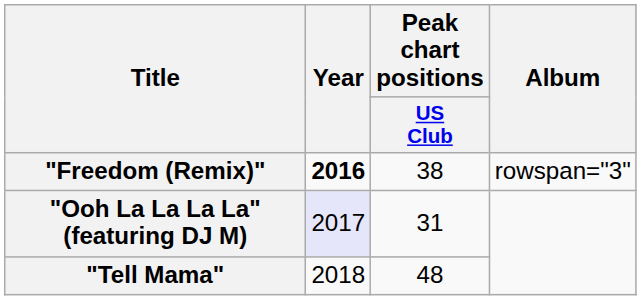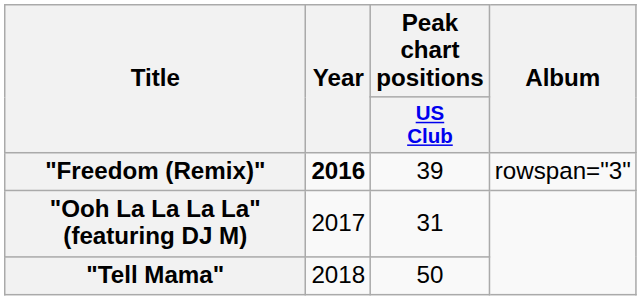 <table class="wikitable plainrowheaders" style="text-align:center;">
 <tr>
 <th scope="col" rowspan="2" style="width:12em;">Title</th>
 <th scope="col" rowspan="2" style="width:1em;">Year</th>
 <th scope="col">Peak chart positions</th>
 <th scope="col" rowspan="2">Album</th>
 </tr>
 <tr>
 <th scope="col" style="width:3em;font-size:85%;"><a href='#'>US<br>Club</a><br></th>
 </tr>
 <tr>
 <th scope="row">"Freedom (Remix)"</th>
 <td><strong>2016</strong></td>
-<td>38</td>
+<td>39</td>
 <td>rowspan="3" </td>
 </tr>
 <tr>
 <th scope="row">"Ooh La La La La"<br><span>(featuring DJ M)</span></th>
-<td style="background: lavender;">2017</td>
+<td>2017</td>
 <td>31</td>
 </tr>
 <tr>
 <th scope="row">"Tell Mama"</th>
 <td>2018</td>
-<td>48</td>
+<td>50</td>
 </tr>
 </table>
